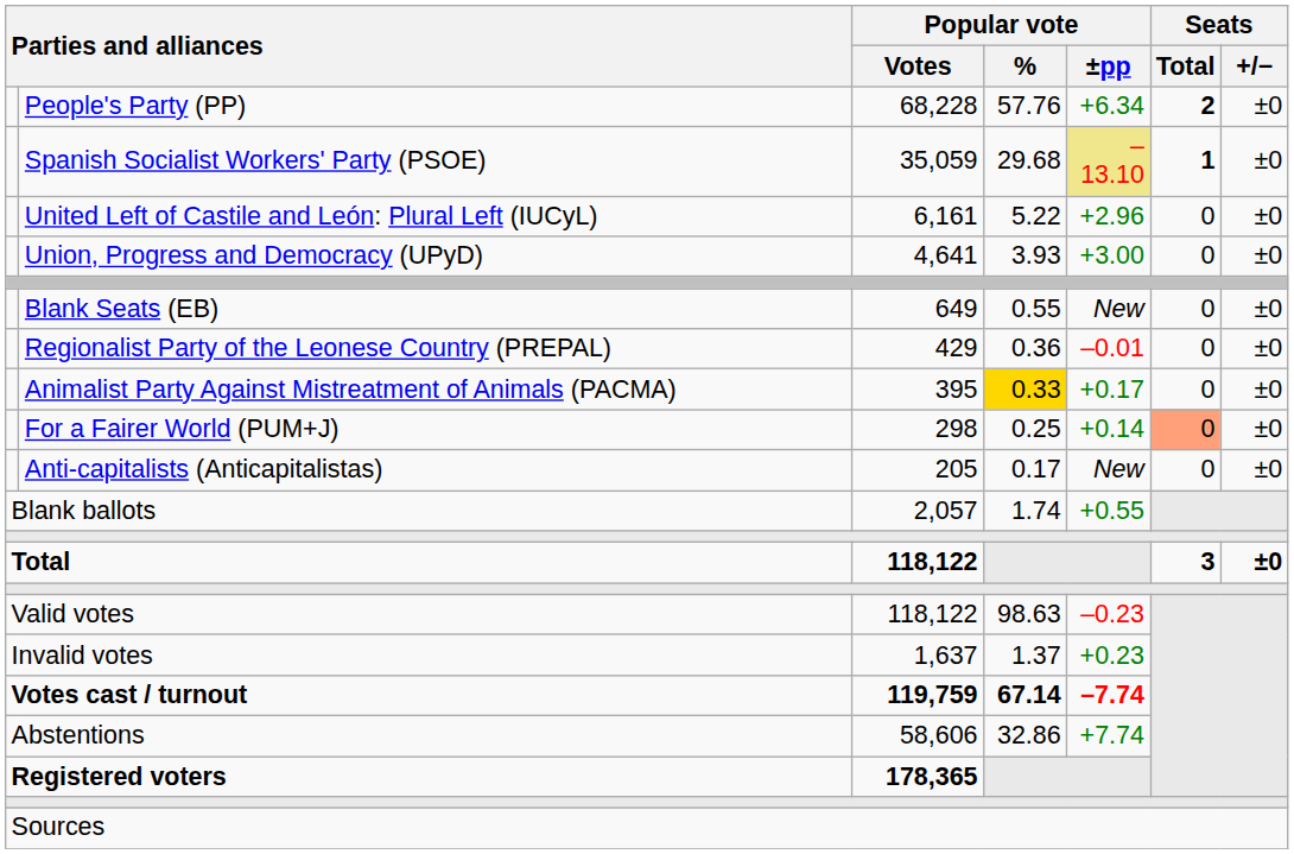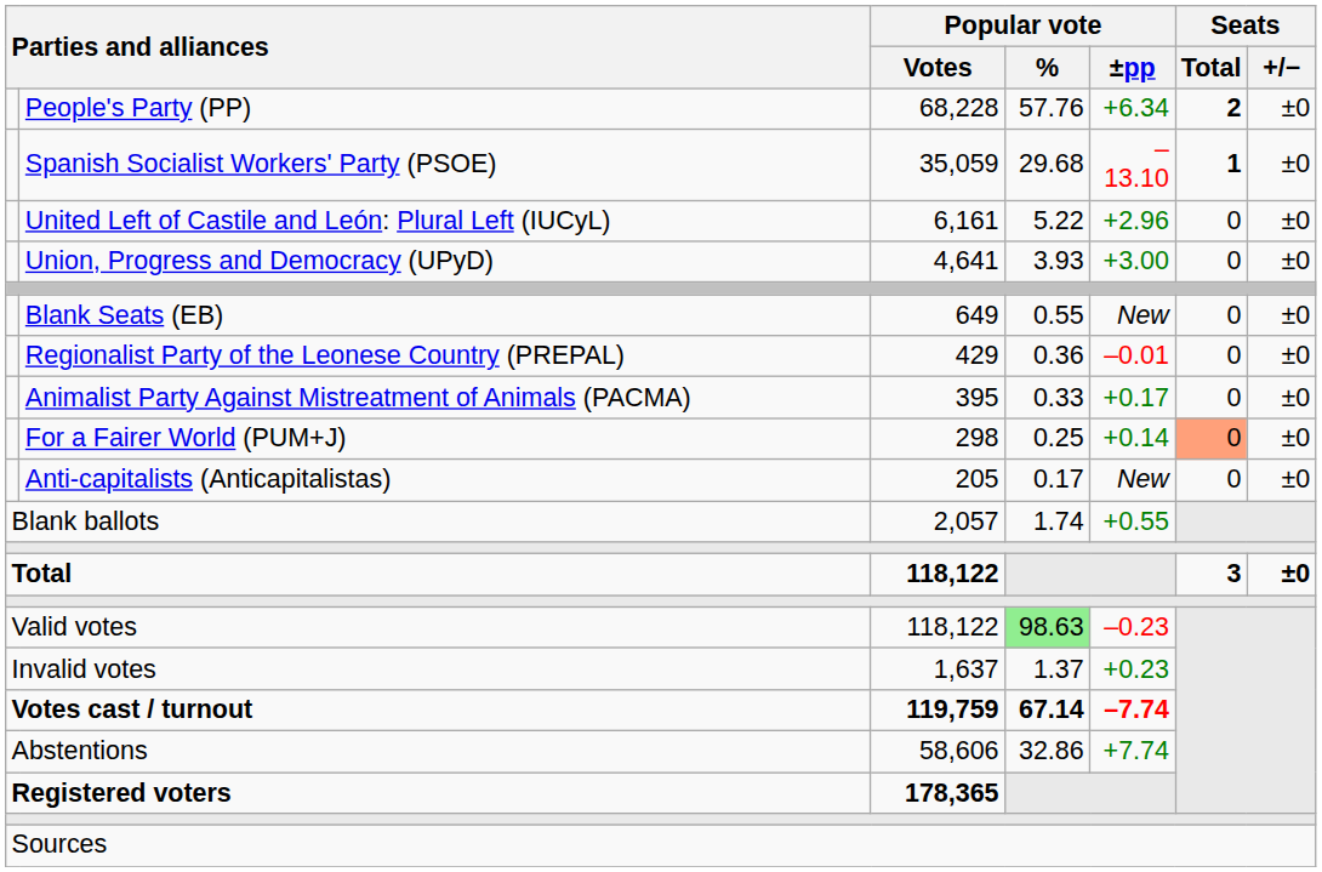 <table class="wikitable" style="text-align:right;">
 <tr>
 <th style="text-align:left;" rowspan="2" colspan="2" width="525">Parties and alliances</th>
 <th colspan="3">Popular vote</th>
 <th colspan="2">Seats</th>
 </tr>
 <tr>
 <th width="75">Votes</th>
 <th width="45">%</th>
 <th width="45">±<a href='#'>pp</a></th>
 <th width="35">Total</th>
 <th width="35">+/−</th>
 </tr>
 <tr>
 <td width="1" style="color:inherit;background:"></td>
 <td align="left"><a href='#'>People's Party</a> (PP)</td>
 <td>68,228</td>
 <td>57.76</td>
 <td style="color:green;">+6.34</td>
 <td><strong>2</strong></td>
 <td>±0</td>
 </tr>
 <tr>
 <td style="color:inherit;background:"></td>
 <td align="left"><a href='#'>Spanish Socialist Workers' Party</a> (PSOE)</td>
 <td>35,059</td>
 <td>29.68</td>
-<td style="background: khaki; color:red;">–13.10</td>
+<td style="color:red;">–13.10</td>
 <td><strong>1</strong></td>
 <td>±0</td>
 </tr>
 <tr>
 <td style="color:inherit;background:"></td>
 <td align="left"><a href='#'>United Left of Castile and León</a>: <a href='#'>Plural Left</a> (IUCyL)</td>
 <td>6,161</td>
 <td>5.22</td>
 <td style="color:green;">+2.96</td>
 <td>0</td>
 <td>±0</td>
 </tr>
 <tr>
 <td style="color:inherit;background:"></td>
 <td align="left"><a href='#'>Union, Progress and Democracy</a> (UPyD)</td>
 <td>4,641</td>
 <td>3.93</td>
 <td style="color:green;">+3.00</td>
 <td>0</td>
 <td>±0</td>
 </tr>
 <tr>
 <td colspan="7" bgcolor="#C0C0C0"></td>
 </tr>
 <tr>
 <td style="color:inherit;background:"></td>
 <td align="left"><a href='#'>Blank Seats</a> (EB)</td>
 <td>649</td>
 <td>0.55</td>
 <td><em>New</em></td>
 <td>0</td>
 <td>±0</td>
 </tr>
 <tr>
 <td style="color:inherit;background:"></td>
 <td align="left"><a href='#'>Regionalist Party of the Leonese Country</a> (PREPAL)</td>
 <td>429</td>
 <td>0.36</td>
 <td style="color:red;">–0.01</td>
 <td>0</td>
 <td>±0</td>
 </tr>
 <tr>
 <td style="color:inherit;background:"></td>
 <td align="left"><a href='#'>Animalist Party Against Mistreatment of Animals</a> (PACMA)</td>
 <td>395</td>
-<td style="background: gold;">0.33</td>
+<td>0.33</td>
 <td style="color:green;">+0.17</td>
 <td>0</td>
 <td>±0</td>
 </tr>
 <tr>
 <td style="color:inherit;background:"></td>
 <td align="left"><a href='#'>For a Fairer World</a> (PUM+J)</td>
 <td>298</td>
 <td>0.25</td>
 <td style="color:green;">+0.14</td>
 <td style="background: lightsalmon;">0</td>
 <td>±0</td>
 </tr>
 <tr>
 <td style="color:inherit;background:"></td>
 <td align="left"><a href='#'>Anti-capitalists</a> (Anticapitalistas)</td>
 <td>205</td>
 <td>0.17</td>
 <td><em>New</em></td>
 <td>0</td>
 <td>±0</td>
 </tr>
 <tr>
 <td align="left" colspan="2">Blank ballots</td>
 <td>2,057</td>
 <td>1.74</td>
 <td style="color:green;">+0.55</td>
 <td bgcolor="#E9E9E9" colspan="2"></td>
 </tr>
 <tr>
 <td colspan="7" bgcolor="#E9E9E9"></td>
 </tr>
 <tr style="font-weight:bold;">
 <td align="left" colspan="2">Total</td>
 <td>118,122</td>
 <td bgcolor="#E9E9E9" colspan="2"></td>
 <td>3</td>
 <td>±0</td>
 </tr>
 <tr>
 <td colspan="7" bgcolor="#E9E9E9"></td>
 </tr>
 <tr>
 <td align="left" colspan="2">Valid votes</td>
 <td>118,122</td>
-<td>98.63</td>
+<td style="background: lightgreen;">98.63</td>
 <td style="color:red;">–0.23</td>
 <td bgcolor="#E9E9E9" colspan="2" rowspan="5"></td>
 </tr>
 <tr>
 <td align="left" colspan="2">Invalid votes</td>
 <td>1,637</td>
 <td>1.37</td>
 <td style="color:green;">+0.23</td>
 </tr>
 <tr style="font-weight:bold;">
 <td align="left" colspan="2">Votes cast / turnout</td>
 <td>119,759</td>
 <td>67.14</td>
 <td style="color:red;">–7.74</td>
 </tr>
 <tr>
 <td align="left" colspan="2">Abstentions</td>
 <td>58,606</td>
 <td>32.86</td>
 <td style="color:green;">+7.74</td>
 </tr>
 <tr style="font-weight:bold;">
 <td align="left" colspan="2">Registered voters</td>
 <td>178,365</td>
 <td bgcolor="#E9E9E9" colspan="2"></td>
 </tr>
 <tr>
 <td colspan="7" bgcolor="#E9E9E9"></td>
 </tr>
 <tr>
 <td align="left" colspan="7">Sources</td>
 </tr>
 </table>
